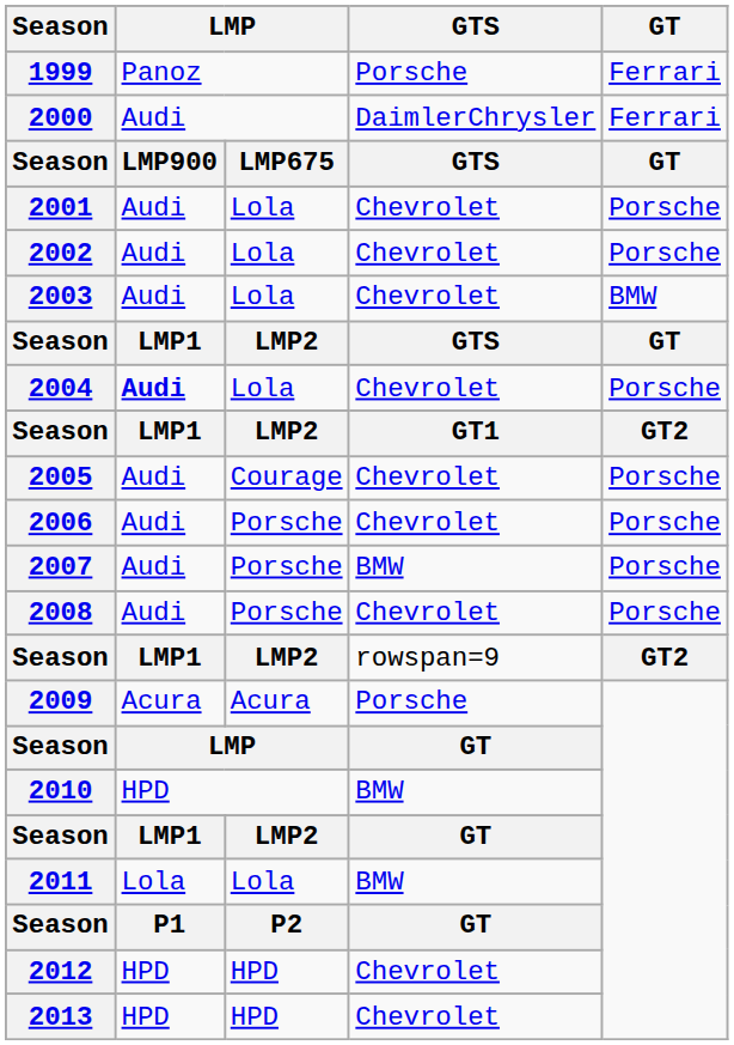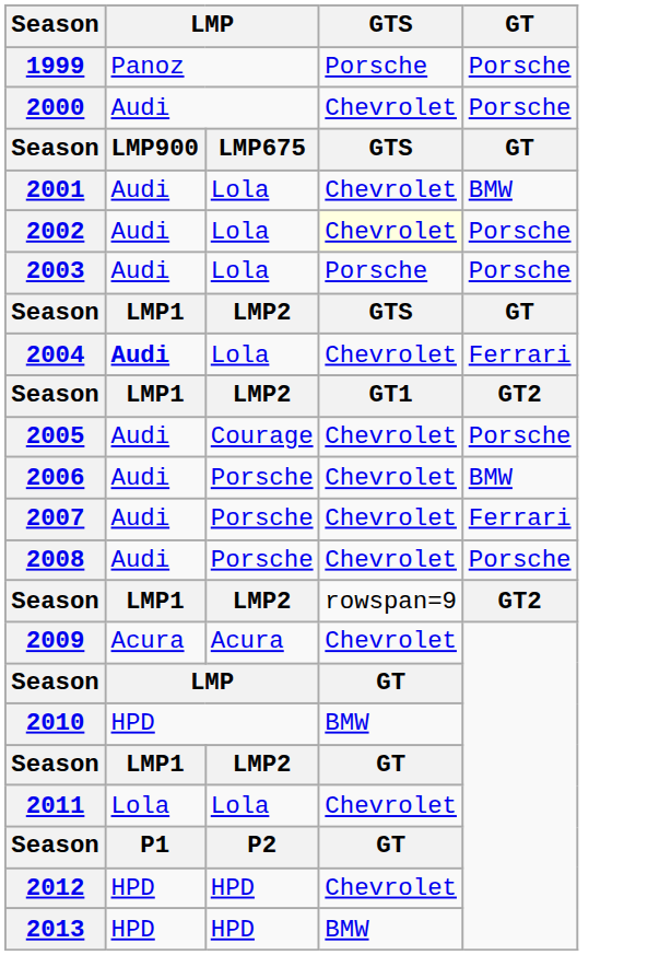 <table class="wikitable" style="font-size: 90%;">
 <tr>
 <th>Season</th>
 <th colspan=2>LMP</th>
 <th>GTS</th>
 <th>GT</th>
 </tr>
 <tr>
 <th><a href='#'>1999</a></th>
 <td colspan=2> <a href='#'>Panoz</a></td>
 <td> <a href='#'>Porsche</a></td>
-<td> <a href='#'>Ferrari</a></td>
+<td> <a href='#'>Porsche</a></td>
 </tr>
 <tr>
 <th><a href='#'>2000</a></th>
 <td colspan=2> <a href='#'>Audi</a></td>
-<td> <a href='#'>DaimlerChrysler</a></td>
-<td> <a href='#'>Ferrari</a></td>
+<td> <a href='#'>Chevrolet</a></td>
+<td> <a href='#'>Porsche</a></td>
 </tr>
 <tr>
 <th>Season</th>
 <th>LMP900</th>
 <th>LMP675</th>
 <th>GTS</th>
 <th>GT</th>
 </tr>
 <tr>
 <th><a href='#'>2001</a></th>
 <td> <a href='#'>Audi</a></td>
 <td> <a href='#'>Lola</a></td>
 <td> <a href='#'>Chevrolet</a></td>
-<td> <a href='#'>Porsche</a></td>
+<td> <a href='#'>BMW</a></td>
 </tr>
 <tr>
 <th><a href='#'>2002</a></th>
 <td> <a href='#'>Audi</a></td>
 <td> <a href='#'>Lola</a></td>
-<td> <a href='#'>Chevrolet</a></td>
+<td style="background: lightyellow;"> <a href='#'>Chevrolet</a></td>
 <td> <a href='#'>Porsche</a></td>
 </tr>
 <tr>
 <th><a href='#'>2003</a></th>
 <td> <a href='#'>Audi</a></td>
 <td> <a href='#'>Lola</a></td>
-<td> <a href='#'>Chevrolet</a></td>
-<td> <a href='#'>BMW</a></td>
+<td> <a href='#'>Porsche</a></td>
+<td> <a href='#'>Porsche</a></td>
 </tr>
 <tr>
 <th>Season</th>
 <th>LMP1</th>
 <th>LMP2</th>
 <th>GTS</th>
 <th>GT</th>
 </tr>
 <tr>
 <th><a href='#'>2004</a></th>
 <td><strong> <a href='#'>Audi</a></strong></td>
 <td> <a href='#'>Lola</a></td>
 <td> <a href='#'>Chevrolet</a></td>
-<td> <a href='#'>Porsche</a></td>
+<td> <a href='#'>Ferrari</a></td>
 </tr>
 <tr>
 <th>Season</th>
 <th>LMP1</th>
 <th>LMP2</th>
 <th>GT1</th>
 <th>GT2</th>
 </tr>
 <tr>
 <th><a href='#'>2005</a></th>
 <td> <a href='#'>Audi</a></td>
 <td> <a href='#'>Courage</a></td>
 <td> <a href='#'>Chevrolet</a></td>
 <td> <a href='#'>Porsche</a></td>
 </tr>
 <tr>
 <th><a href='#'>2006</a></th>
 <td> <a href='#'>Audi</a></td>
 <td> <a href='#'>Porsche</a></td>
 <td> <a href='#'>Chevrolet</a></td>
-<td> <a href='#'>Porsche</a></td>
+<td> <a href='#'>BMW</a></td>
 </tr>
 <tr>
 <th><a href='#'>2007</a></th>
 <td> <a href='#'>Audi</a></td>
 <td> <a href='#'>Porsche</a></td>
-<td> <a href='#'>BMW</a></td>
-<td> <a href='#'>Porsche</a></td>
+<td> <a href='#'>Chevrolet</a></td>
+<td> <a href='#'>Ferrari</a></td>
 </tr>
 <tr>
 <th><a href='#'>2008</a></th>
 <td> <a href='#'>Audi</a></td>
 <td> <a href='#'>Porsche</a></td>
 <td> <a href='#'>Chevrolet</a></td>
 <td> <a href='#'>Porsche</a></td>
 </tr>
 <tr>
 <th>Season</th>
 <th>LMP1</th>
 <th>LMP2</th>
 <td>rowspan=9 </td>
 <th>GT2</th>
 </tr>
 <tr>
 <th><a href='#'>2009</a></th>
 <td> <a href='#'>Acura</a></td>
 <td> <a href='#'>Acura</a></td>
-<td> <a href='#'>Porsche</a></td>
+<td> <a href='#'>Chevrolet</a></td>
 </tr>
 <tr>
 <th>Season</th>
 <th colspan=2>LMP</th>
 <th>GT</th>
 </tr>
 <tr>
 <th><a href='#'>2010</a></th>
 <td colspan=2> <a href='#'>HPD</a></td>
 <td> <a href='#'>BMW</a></td>
 </tr>
 <tr>
 <th>Season</th>
 <th>LMP1</th>
 <th>LMP2</th>
 <th>GT</th>
 </tr>
 <tr>
 <th><a href='#'>2011</a></th>
 <td> <a href='#'>Lola</a></td>
 <td> <a href='#'>Lola</a></td>
-<td> <a href='#'>BMW</a></td>
+<td> <a href='#'>Chevrolet</a></td>
 </tr>
 <tr>
 <th>Season</th>
 <th>P1</th>
 <th>P2</th>
 <th>GT</th>
 </tr>
 <tr>
 <th><a href='#'>2012</a></th>
 <td> <a href='#'>HPD</a></td>
 <td> <a href='#'>HPD</a></td>
 <td> <a href='#'>Chevrolet</a></td>
 </tr>
 <tr>
 <th><a href='#'>2013</a></th>
 <td> <a href='#'>HPD</a></td>
 <td> <a href='#'>HPD</a></td>
-<td> <a href='#'>Chevrolet</a></td>
+<td> <a href='#'>BMW</a></td>
 </tr>
 </table>
